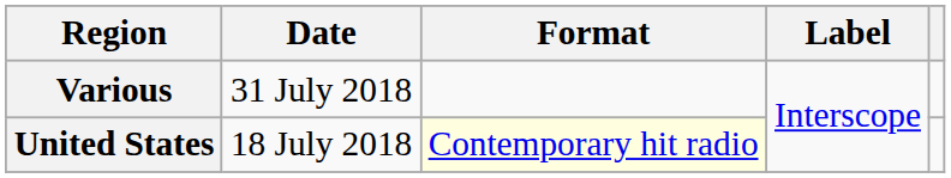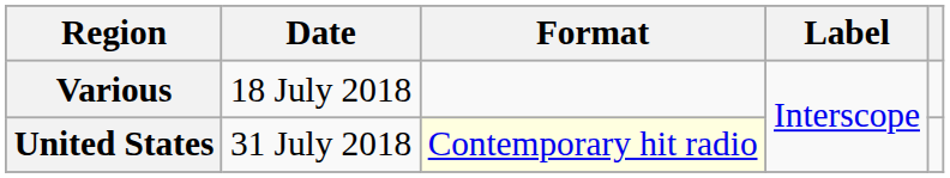 <table class="wikitable plainrowheaders">
 <tr>
 <th scope="col">Region</th>
 <th scope="col">Date</th>
 <th scope="col">Format</th>
 <th scope="col">Label</th>
 <th scope="col"></th>
 </tr>
 <tr>
 <th scope="row">Various</th>
-<td>31 July 2018</td>
+<td>18 July 2018</td>
 <td></td>
 <td rowspan="2"><a href='#'>Interscope</a></td>
 <td></td>
 </tr>
 <tr>
 <th scope="row">United States</th>
-<td>18 July 2018</td>
+<td>31 July 2018</td>
 <td style="background: lightyellow;"><a href='#'>Contemporary hit radio</a></td>
 <td></td>
 </tr>
 </table>
